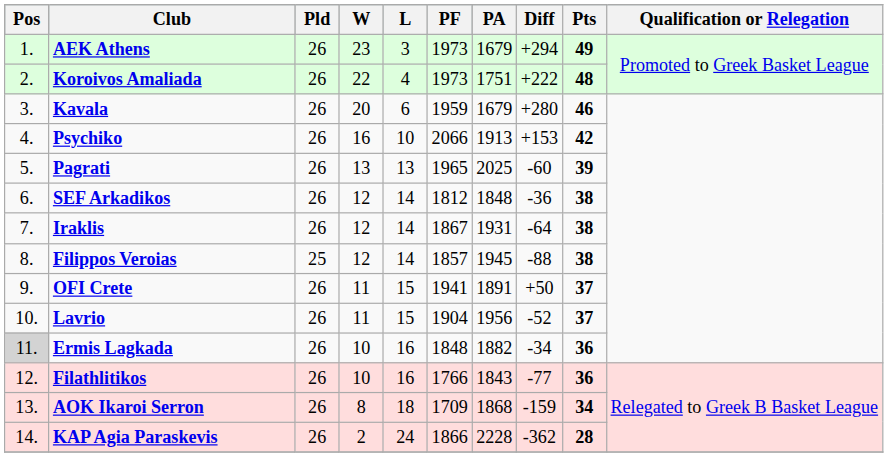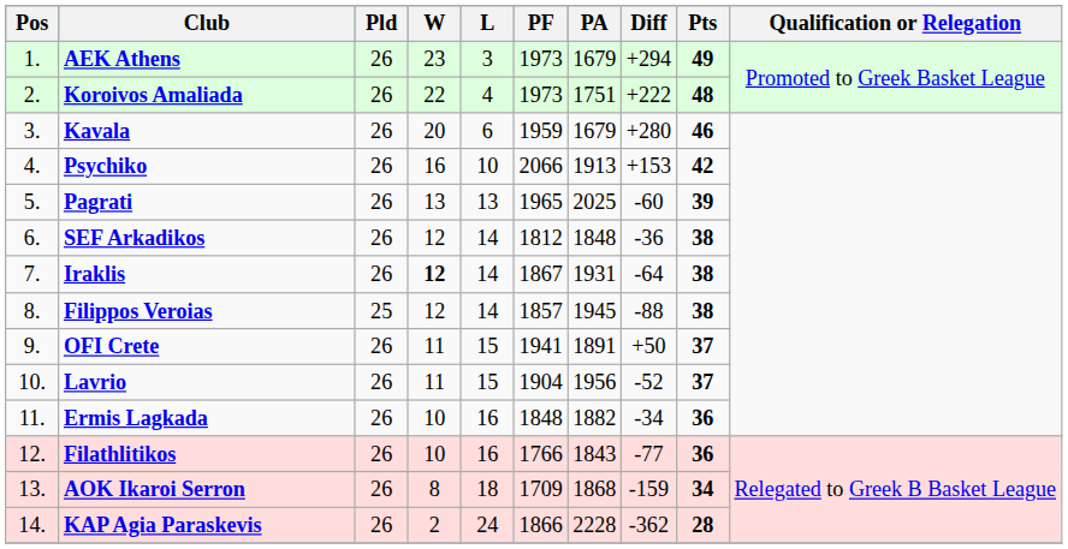 <table class="wikitable" style="text-align: center; font-size:95%">
 <tr bgcolor=2f4f4f>
 <th width=30>Pos</th>
 <th width=200>Club</th>
 <th width=30>Pld</th>
 <th width=30>W</th>
 <th width=30>L</th>
 <th width=30>PF</th>
 <th width=30>PA</th>
 <th width=30>Diff</th>
 <th width=30>Pts</th>
 <th>Qualification or <a href='#'>Relegation</a></th>
 </tr>
 <tr style="background:#dfd;">
 <td>1.</td>
 <td style="text-align:left;"><strong><a href='#'>AEK Athens</a></strong></td>
 <td>26</td>
 <td>23</td>
 <td>3</td>
 <td>1973</td>
 <td>1679</td>
 <td>+294</td>
 <td><strong>49</strong></td>
 <td rowspan=2 align="center"><a href='#'>Promoted</a> to <a href='#'>Greek Basket League</a></td>
 </tr>
 <tr style="background:#dfd;">
 <td>2.</td>
 <td style="text-align:left;"><strong><a href='#'>Koroivos Amaliada</a></strong></td>
 <td>26</td>
 <td>22</td>
 <td>4</td>
 <td>1973</td>
 <td>1751</td>
 <td>+222</td>
 <td><strong>48</strong></td>
 </tr>
 <tr bgcolor=>
 <td>3.</td>
 <td style="text-align:left;"><strong><a href='#'>Kavala</a></strong></td>
 <td>26</td>
 <td>20</td>
 <td>6</td>
 <td>1959</td>
 <td>1679</td>
 <td>+280</td>
 <td><strong>46</strong></td>
 </tr>
 <tr bgcolor=>
 <td>4.</td>
 <td style="text-align:left;"><strong><a href='#'>Psychiko</a></strong></td>
 <td>26</td>
 <td>16</td>
 <td>10</td>
 <td>2066</td>
 <td>1913</td>
 <td>+153</td>
 <td><strong>42</strong></td>
 </tr>
 <tr bgcolor=>
 <td>5.</td>
 <td style="text-align:left;"><strong><a href='#'>Pagrati</a></strong></td>
 <td>26</td>
 <td>13</td>
 <td>13</td>
 <td>1965</td>
 <td>2025</td>
 <td>-60</td>
 <td><strong>39</strong></td>
 </tr>
 <tr bgcolor=>
 <td>6.</td>
 <td style="text-align:left;"><strong><a href='#'>SEF Arkadikos</a></strong></td>
 <td>26</td>
 <td>12</td>
 <td>14</td>
 <td>1812</td>
 <td>1848</td>
 <td>-36</td>
 <td><strong>38</strong></td>
 </tr>
 <tr bgcolor=>
 <td>7.</td>
 <td style="text-align:left;"><strong><a href='#'>Iraklis</a></strong></td>
 <td>26</td>
-<td>12</td>
+<td><strong>12</strong></td>
 <td>14</td>
 <td>1867</td>
 <td>1931</td>
 <td>-64</td>
 <td><strong>38</strong></td>
 </tr>
 <tr bgcolor=>
 <td>8.</td>
 <td style="text-align:left;"><strong><a href='#'>Filippos Veroias</a></strong></td>
 <td>25</td>
 <td>12</td>
 <td>14</td>
 <td>1857</td>
 <td>1945</td>
 <td>-88</td>
 <td><strong>38</strong></td>
 </tr>
 <tr bgcolor=>
 <td>9.</td>
 <td style="text-align:left;"><strong><a href='#'>OFI Crete</a></strong></td>
 <td>26</td>
 <td>11</td>
 <td>15</td>
 <td>1941</td>
 <td>1891</td>
 <td>+50</td>
 <td><strong>37</strong></td>
 </tr>
 <tr bgcolor=>
 <td>10.</td>
 <td style="text-align:left;"><strong><a href='#'>Lavrio</a></strong></td>
 <td>26</td>
 <td>11</td>
 <td>15</td>
 <td>1904</td>
 <td>1956</td>
 <td>-52</td>
 <td><strong>37</strong></td>
 </tr>
 <tr>
-<td style="background: lightgrey;">11.</td>
+<td>11.</td>
 <td style="text-align:left;"><strong><a href='#'>Ermis Lagkada</a></strong></td>
 <td>26</td>
 <td>10</td>
 <td>16</td>
 <td>1848</td>
 <td>1882</td>
 <td>-34</td>
 <td><strong>36</strong></td>
 </tr>
 <tr style="background:#fdd;">
 <td>12.</td>
 <td style="text-align:left;"><strong><a href='#'>Filathlitikos</a></strong></td>
 <td>26</td>
 <td>10</td>
 <td>16</td>
 <td>1766</td>
 <td>1843</td>
 <td>-77</td>
 <td><strong>36</strong></td>
 <td rowspan=3 align="center"><a href='#'>Relegated</a> to <a href='#'>Greek B Basket League</a></td>
 </tr>
 <tr style="background:#fdd;">
 <td>13.</td>
 <td style="text-align:left;"><strong><a href='#'>AOK Ikaroi Serron</a></strong></td>
 <td>26</td>
 <td>8</td>
 <td>18</td>
 <td>1709</td>
 <td>1868</td>
 <td>-159</td>
 <td><strong>34</strong></td>
 </tr>
 <tr style="background:#fdd;">
 <td>14.</td>
 <td style="text-align:left;"><strong><a href='#'>KAP Agia Paraskevis</a></strong></td>
 <td>26</td>
 <td>2</td>
 <td>24</td>
 <td>1866</td>
 <td>2228</td>
 <td>-362</td>
 <td><strong>28</strong></td>
 </tr>
 <tr>
 </tr>
 </table>
